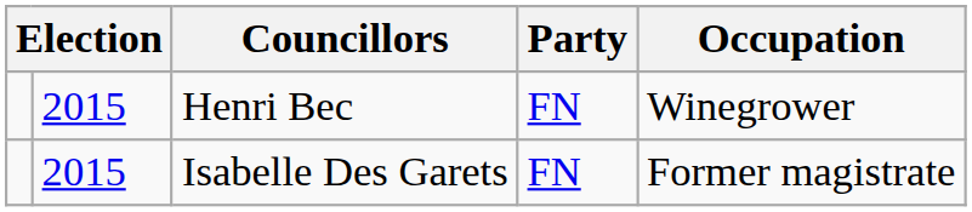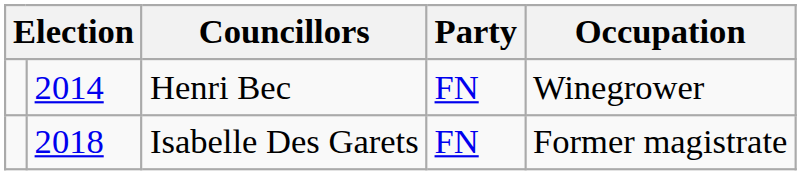 <table class="wikitable">
 <tr>
 <th colspan="2">Election</th>
 <th>Councillors</th>
 <th>Party</th>
 <th>Occupation</th>
 </tr>
 <tr>
 <td style="background-color: "></td>
-<td><a href='#'>2015</a></td>
+<td><a href='#'>2014</a></td>
 <td>Henri Bec</td>
 <td><a href='#'>FN</a></td>
 <td>Winegrower</td>
 </tr>
 <tr>
 <td style="background-color: "></td>
-<td><a href='#'>2015</a></td>
+<td><a href='#'>2018</a></td>
 <td>Isabelle Des Garets</td>
 <td><a href='#'>FN</a></td>
 <td>Former magistrate</td>
 </tr>
 </table>
